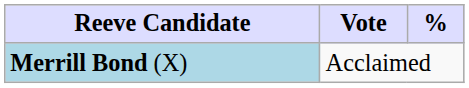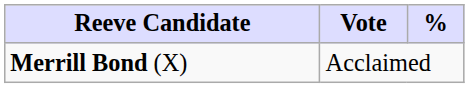 <table class="wikitable">
 <tr>
 <th style="background:#ddf; width:200px;">Reeve Candidate</th>
 <th style="background:#ddf; width:50px;">Vote</th>
 <th style="background:#ddf; width:30px;">%</th>
 </tr>
 <tr>
-<td style="background: lightblue;"><strong>Merrill Bond</strong> (X)</td>
+<td><strong>Merrill Bond</strong> (X)</td>
 <td colspan="2">Acclaimed</td>
 </tr>
 </table>
